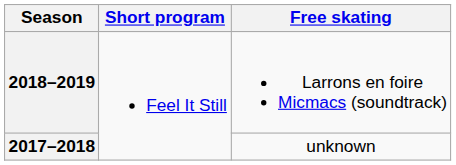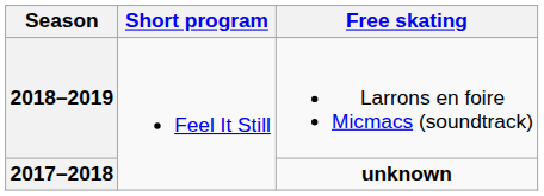 <table class=wikitable style=text-align:center>
 <tr>
 <th>Season</th>
 <th><a href='#'>Short program</a></th>
 <th><a href='#'>Free skating</a></th>
 </tr>
 <tr>
 <th>2018–2019 <br> </th>
 <td rowspan=2><br><ul><li><a href='#'>Feel It Still</a></li></ul></td>
 <td><br><ul><li>Larrons en foire <br></li><li><a href='#'>Micmacs</a> (soundtrack) <br></li></ul></td>
 </tr>
 <tr>
 <th>2017–2018</th>
-<td align="center">unknown</td>
+<td align="center"><strong>unknown</strong></td>
 </tr>
 </table>
